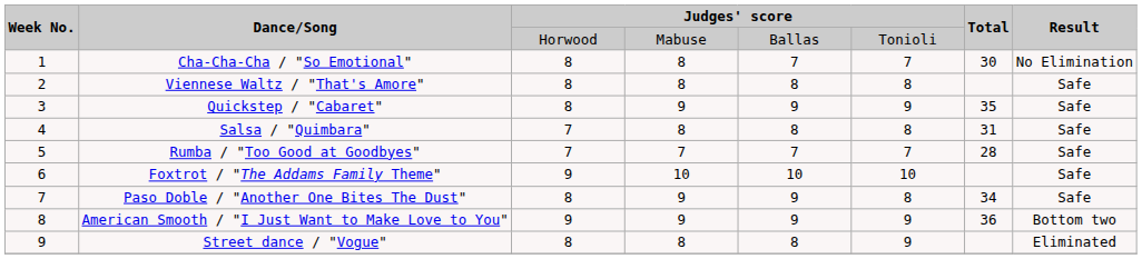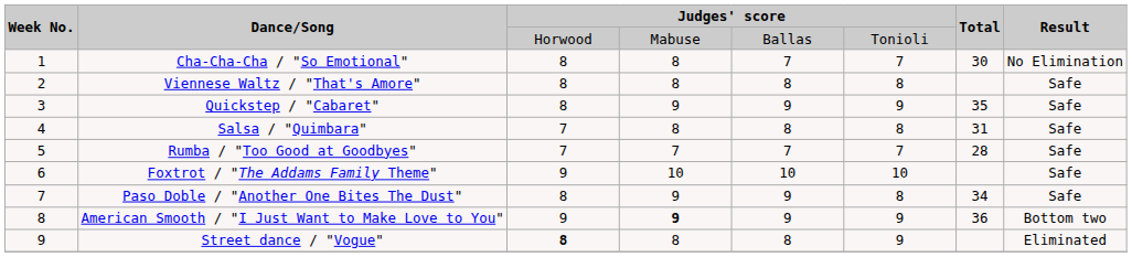 <table class="wikitable collapsible collapsed">
 <tr>
 <td rowspan="2" style="background:#CCCCCC;" align="Center"><strong>Week No.</strong></td>
 <td rowspan="2" style="background:#CCCCCC;" align="Center"><strong>Dance/Song</strong></td>
 <td colspan="4" style="background:#CCCCCC;" align="Center"><strong>Judges' score</strong></td>
 <td rowspan="2" style="background:#CCCCCC;" align="Center"><strong>Total</strong></td>
 <td rowspan="2" style="background:#CCCCCC;" align="Center"><strong>Result</strong></td>
 </tr>
 <tr>
 <td style="background:#CCCCCC;" width="10%" align="center">Horwood</td>
 <td style="background:#CCCCCC;" width="10%" align="center">Mabuse</td>
 <td style="background:#CCCCCC;" width="10%" align="center">Ballas</td>
 <td style="background:#CCCCCC;" width="10%" align="center">Tonioli</td>
 </tr>
 <tr>
 <td style="text-align:center; background:#faf6f6;">1</td>
 <td style="text-align:center; background:#faf6f6;"><a href='#'>Cha-Cha-Cha</a> / "<a href='#'>So Emotional</a>"</td>
 <td style="text-align:center; background:#faf6f6;">8</td>
 <td style="text-align:center; background:#faf6f6;">8</td>
 <td style="text-align:center; background:#faf6f6;">7</td>
 <td style="text-align:center; background:#faf6f6;">7</td>
 <td style="text-align:center; background:#faf6f6;">30</td>
 <td style="text-align:center; background:#faf6f6;">No Elimination</td>
 </tr>
 <tr>
 <td style="text-align:center; background:#faf6f6;">2</td>
 <td style="text-align:center; background:#faf6f6;"><a href='#'>Viennese Waltz</a> / "<a href='#'>That's Amore</a>"</td>
 <td style="text-align:center; background:#faf6f6;">8</td>
 <td style="text-align:center; background:#faf6f6;">8</td>
 <td style="text-align:center; background:#faf6f6;">8</td>
 <td style="text-align:center; background:#faf6f6;">8</td>
 <td style="text-align:center; background:#faf6f6;"></td>
 <td style="text-align:center; background:#faf6f6;">Safe</td>
 </tr>
 <tr>
 <td style="text-align:center; background:#faf6f6;">3</td>
 <td style="text-align:center; background:#faf6f6;"><a href='#'>Quickstep</a> / "<a href='#'>Cabaret</a>"</td>
 <td style="text-align:center; background:#faf6f6;">8</td>
 <td style="text-align:center; background:#faf6f6;">9</td>
 <td style="text-align:center; background:#faf6f6;">9</td>
 <td style="text-align:center; background:#faf6f6;">9</td>
 <td style="text-align:center; background:#faf6f6;">35</td>
 <td style="text-align:center; background:#faf6f6;">Safe</td>
 </tr>
 <tr>
 <td style="text-align:center; background:#faf6f6;">4</td>
 <td style="text-align:center; background:#faf6f6;"><a href='#'>Salsa</a> / "<a href='#'>Quimbara</a>"</td>
 <td style="text-align:center; background:#faf6f6;">7</td>
 <td style="text-align:center; background:#faf6f6;">8</td>
 <td style="text-align:center; background:#faf6f6;">8</td>
 <td style="text-align:center; background:#faf6f6;">8</td>
 <td style="text-align:center; background:#faf6f6;">31</td>
 <td style="text-align:center; background:#faf6f6;">Safe</td>
 </tr>
 <tr>
 <td style="text-align:center; background:#faf6f6;">5</td>
 <td style="text-align:center; background:#faf6f6;"><a href='#'>Rumba</a> / "<a href='#'>Too Good at Goodbyes</a>"</td>
 <td style="text-align:center; background:#faf6f6;">7</td>
 <td style="text-align:center; background:#faf6f6;">7</td>
 <td style="text-align:center; background:#faf6f6;">7</td>
 <td style="text-align:center; background:#faf6f6;">7</td>
 <td style="text-align:center; background:#faf6f6;">28</td>
 <td style="text-align:center; background:#faf6f6;">Safe</td>
 </tr>
 <tr>
 <td style="text-align:center; background:#faf6f6;">6</td>
 <td style="text-align:center; background:#faf6f6;"><a href='#'>Foxtrot</a> / "<a href='#'><em>The Addams Family</em> Theme</a>"</td>
 <td style="text-align:center; background:#faf6f6;">9</td>
 <td style="text-align:center; background:#faf6f6;">10</td>
 <td style="text-align:center; background:#faf6f6;">10</td>
 <td style="text-align:center; background:#faf6f6;">10</td>
 <td style="text-align:center; background:#faf6f6;"></td>
 <td style="text-align:center; background:#faf6f6;">Safe</td>
 </tr>
 <tr>
 <td style="text-align:center; background:#faf6f6;">7</td>
 <td style="text-align:center; background:#faf6f6;"><a href='#'>Paso Doble</a> / "<a href='#'>Another One Bites The Dust</a>"</td>
 <td style="text-align:center; background:#faf6f6;">8</td>
 <td style="text-align:center; background:#faf6f6;">9</td>
 <td style="text-align:center; background:#faf6f6;">9</td>
 <td style="text-align:center; background:#faf6f6;">8</td>
 <td style="text-align:center; background:#faf6f6;">34</td>
 <td style="text-align:center; background:#faf6f6;">Safe</td>
 </tr>
 <tr>
 <td style="text-align:center; background:#faf6f6;">8</td>
 <td style="text-align:center; background:#faf6f6;"><a href='#'>American Smooth</a> / "<a href='#'>I Just Want to Make Love to You</a>"</td>
 <td style="text-align:center; background:#faf6f6;">9</td>
-<td style="text-align:center; background:#faf6f6;">9</td>
+<td style="text-align:center; background:#faf6f6;"><strong>9</strong></td>
 <td style="text-align:center; background:#faf6f6;">9</td>
 <td style="text-align:center; background:#faf6f6;">9</td>
 <td style="text-align:center; background:#faf6f6;">36</td>
 <td style="text-align:center; background:#faf6f6;">Bottom two</td>
 </tr>
 <tr>
 <td style="text-align:center; background:#faf6f6;">9</td>
 <td style="text-align:center; background:#faf6f6;"><a href='#'>Street dance</a> / "<a href='#'>Vogue</a>"</td>
-<td style="text-align:center; background:#faf6f6;">8</td>
+<td style="text-align:center; background:#faf6f6;"><strong>8</strong></td>
 <td style="text-align:center; background:#faf6f6;">8</td>
 <td style="text-align:center; background:#faf6f6;">8</td>
 <td style="text-align:center; background:#faf6f6;">9</td>
 <td style="text-align:center; background:#faf6f6;"></td>
 <td style="text-align:center; background:#faf6f6;">Eliminated</td>
 </tr>
 <tr>
 </tr>
 </table>
